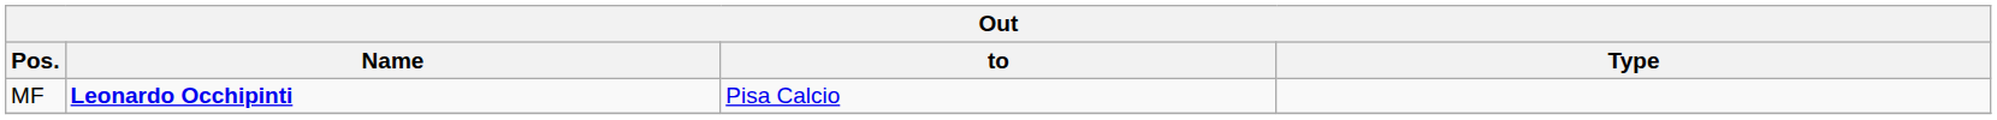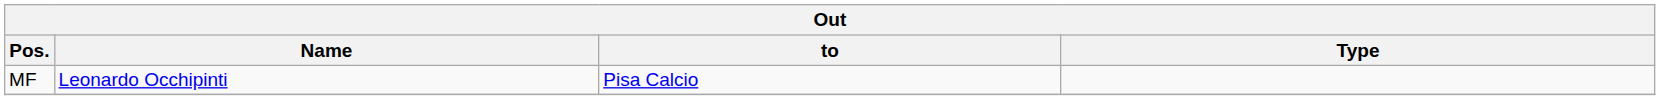 <table class="wikitable" style="font-size:90%;width:99%;">
 <tr>
 <th colspan="4">Out</th>
 </tr>
 <tr>
 <th width=3%>Pos.</th>
 <th width=33%>Name</th>
 <th width=28%>to</th>
 <th width=36%>Type</th>
 </tr>
 <tr>
 <td>MF</td>
-<td><strong><a href='#'>Leonardo Occhipinti</a></strong></td>
+<td><a href='#'>Leonardo Occhipinti</a></td>
 <td><a href='#'>Pisa Calcio</a></td>
 <td></td>
 </tr>
 <tr>
 </tr>
 </table>
